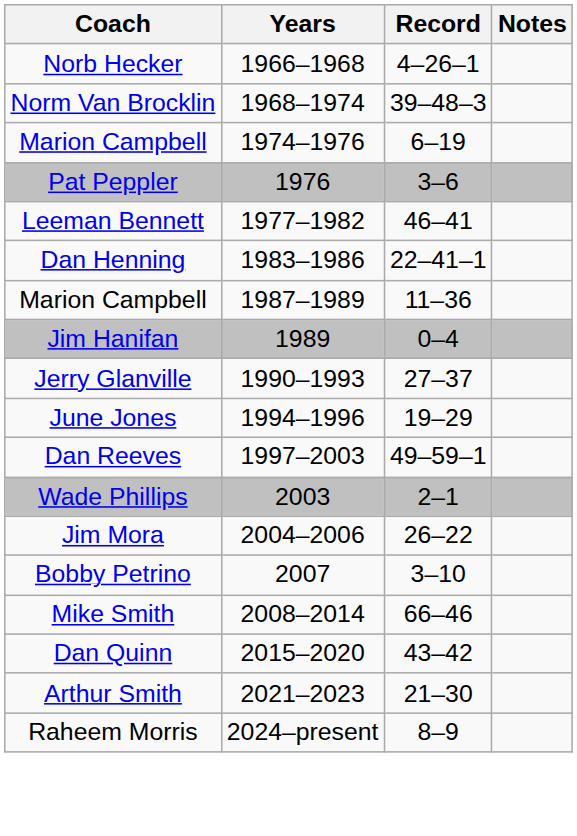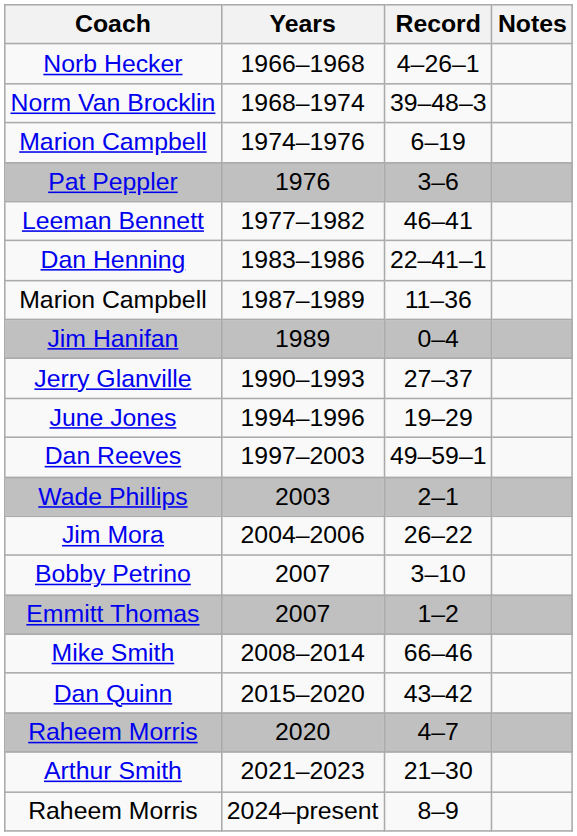 <table class="wikitable" style="text-align:center">
 <tr>
 <th>Coach</th>
 <th>Years</th>
 <th>Record</th>
 <th>Notes</th>
 </tr>
 <tr>
 <td><a href='#'>Norb Hecker</a></td>
 <td>1966–1968</td>
 <td>4–26–1 </td>
 <td></td>
 </tr>
 <tr>
 <td><a href='#'>Norm Van Brocklin</a></td>
 <td>1968–1974</td>
 <td>39–48–3 </td>
 <td></td>
 </tr>
 <tr>
 <td><a href='#'>Marion Campbell</a></td>
 <td>1974–1976</td>
 <td>6–19 </td>
 <td></td>
 </tr>
 <tr style="background:silver;">
 <td><a href='#'>Pat Peppler</a></td>
 <td>1976</td>
 <td>3–6 </td>
 <td></td>
 </tr>
 <tr>
 <td><a href='#'>Leeman Bennett</a></td>
 <td>1977–1982</td>
 <td>46–41 </td>
 <td></td>
 </tr>
 <tr>
 <td><a href='#'>Dan Henning</a></td>
 <td>1983–1986</td>
 <td>22–41–1 </td>
 <td></td>
 </tr>
 <tr>
 <td>Marion Campbell</td>
 <td>1987–1989</td>
 <td>11–36 </td>
 <td></td>
 </tr>
 <tr style="background:silver;">
 <td><a href='#'>Jim Hanifan</a></td>
 <td>1989</td>
 <td>0–4 </td>
 <td></td>
 </tr>
 <tr>
 <td><a href='#'>Jerry Glanville</a></td>
 <td>1990–1993</td>
 <td>27–37 </td>
 <td></td>
 </tr>
 <tr>
 <td><a href='#'>June Jones</a></td>
 <td>1994–1996</td>
 <td>19–29 </td>
 <td></td>
 </tr>
 <tr>
 <td><a href='#'>Dan Reeves</a></td>
 <td>1997–2003</td>
 <td>49–59–1 </td>
 <td></td>
 </tr>
 <tr style="background:silver;">
 <td><a href='#'>Wade Phillips</a></td>
 <td>2003</td>
 <td>2–1 </td>
 <td></td>
 </tr>
 <tr>
 <td><a href='#'>Jim Mora</a></td>
 <td>2004–2006</td>
 <td>26–22 </td>
 <td></td>
 </tr>
 <tr>
 <td><a href='#'>Bobby Petrino</a></td>
 <td>2007</td>
 <td>3–10 </td>
 <td></td>
 </tr>
+<tr style="background:silver;">
+<td><a href='#'>Emmitt Thomas</a></td>
+<td>2007</td>
+<td>1–2 </td>
+<td></td>
+</tr>
 <tr>
 <td><a href='#'>Mike Smith</a></td>
 <td>2008–2014</td>
 <td>66–46 </td>
 <td></td>
 </tr>
 <tr>
 <td><a href='#'>Dan Quinn</a></td>
 <td>2015–2020</td>
 <td>43–42 </td>
+<td></td>
+</tr>
+<tr style="background:silver;">
+<td><a href='#'>Raheem Morris</a></td>
+<td>2020</td>
+<td>4–7 </td>
 <td></td>
 </tr>
 <tr>
 <td><a href='#'>Arthur Smith</a></td>
 <td>2021–2023</td>
 <td>21–30 </td>
 <td></td>
 </tr>
 <tr>
 <td>Raheem Morris</td>
 <td>2024–present</td>
 <td>8–9 </td>
 <td></td>
 </tr>
 </table>
